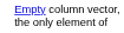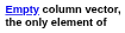 <table align=right style="margin: 2ex 0 2ex 2em">
 <tr>
 <td align=center></td>
 </tr>
 <tr>
-<td style="font-size:80%"><a href='#'>Empty</a> column vector,<br>the only element of </td>
+<td style="font-size:80%"><strong><a href='#'>Empty</a> column vector,<br>the only element of </strong></td>
 </tr>
 </table>
